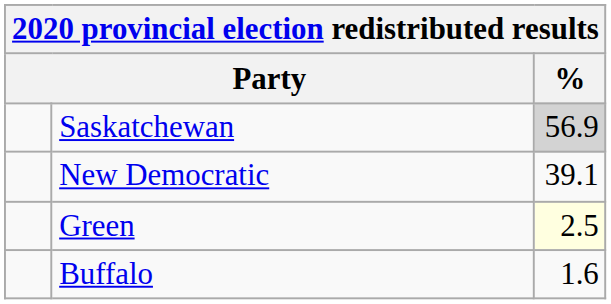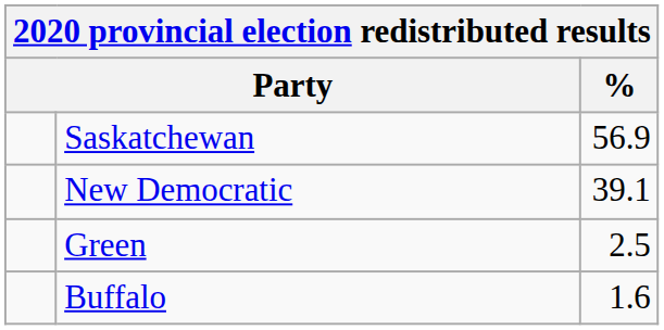 <table class="wikitable">
 <tr>
 <th colspan="4"><a href='#'>2020 provincial election</a> redistributed results</th>
 </tr>
 <tr>
 <th bgcolor="#DDDDFF" width="130px" colspan="2">Party</th>
 <th bgcolor="#DDDDFF" width="30px">%</th>
 </tr>
 <tr>
 <td> </td>
 <td><a href='#'>Saskatchewan</a></td>
-<td align=right style="background: lightgrey;">56.9</td>
+<td align=right>56.9</td>
 </tr>
 <tr>
 <td> </td>
 <td><a href='#'>New Democratic</a></td>
 <td align=right>39.1</td>
 </tr>
 <tr>
 <td> </td>
 <td><a href='#'>Green</a></td>
-<td align=right style="background: lightyellow;">2.5</td>
+<td align=right>2.5</td>
 </tr>
 <tr>
 <td> </td>
 <td><a href='#'>Buffalo</a></td>
 <td align=right>1.6</td>
 </tr>
 </table>
